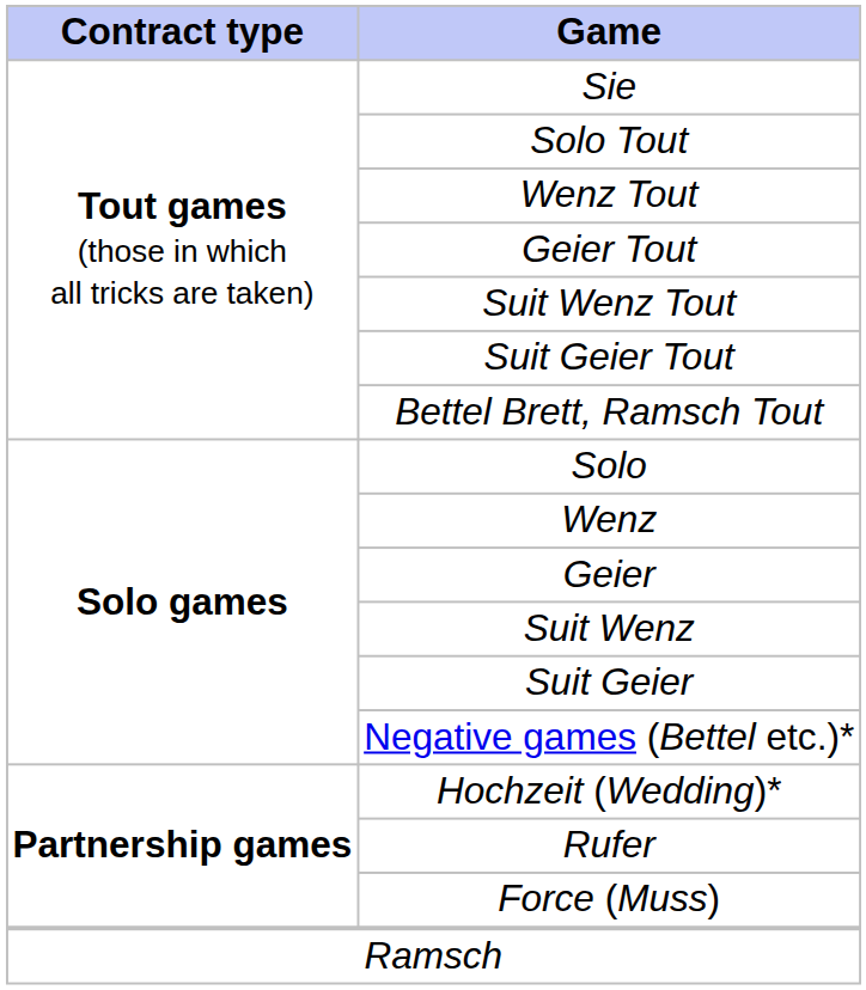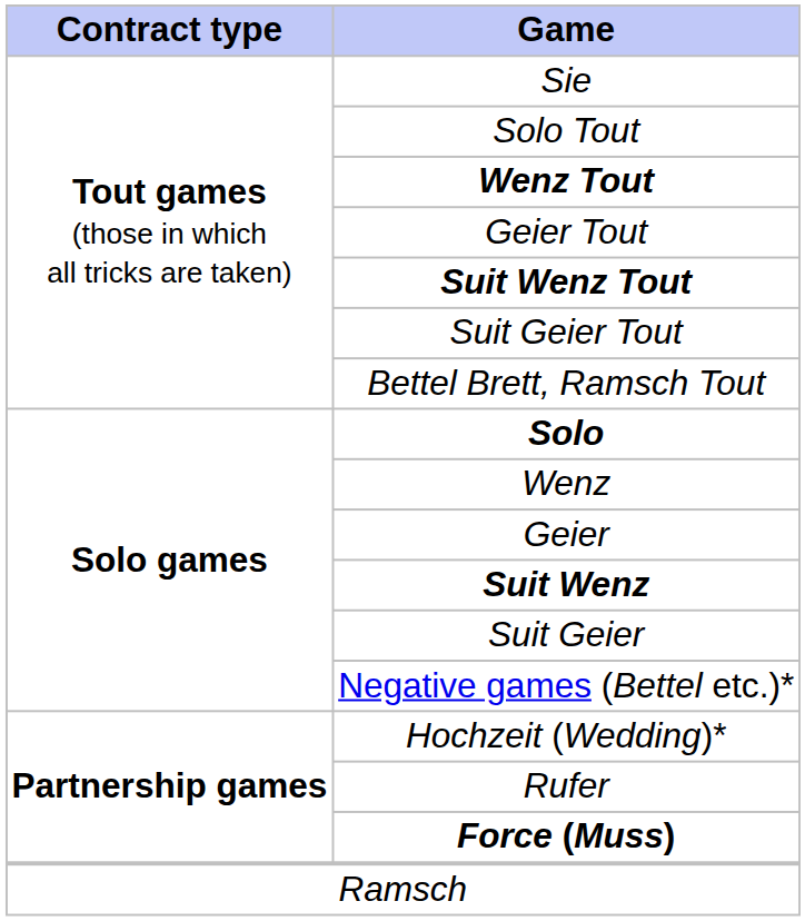 <table cellpadding="2" style="float: right; background: #C0C0C0; margin-left: 1em; border-spacing: 1px;">
 <tr align="center">
 <td style="background: #c0c8f8;"><strong>Contract type</strong></td>
 <td style="background: #c0c8f8;"><strong>Game</strong></td>
 </tr>
 <tr align="center">
 <td rowspan=7 style="background: #ffffff;"><strong>Tout games</strong><br><small>(those in which<br>all tricks are taken)</small></td>
 <td colspan=2 style="background: #ffffff;"><em>Sie</em></td>
 </tr>
 <tr align="center">
 <td style="background: #ffffff;"><em>Solo Tout</em></td>
 </tr>
 <tr align="center">
-<td style="background: #ffffff;"><em>Wenz Tout</em></td>
+<td style="background: #ffffff;"><strong><em>Wenz Tout</em></strong></td>
 </tr>
 <tr align="center">
 <td style="background: #ffffff;"><em>Geier Tout</em></td>
 </tr>
 <tr align="center">
-<td style="background: #ffffff;"><em>Suit Wenz Tout</em></td>
+<td style="background: #ffffff;"><strong><em>Suit Wenz Tout</em></strong></td>
 </tr>
 <tr align="center">
 <td style="background: #ffffff;"><em>Suit Geier Tout</em></td>
 </tr>
 <tr align="center">
 <td style="background: #ffffff;"><em>Bettel Brett, Ramsch Tout</em></td>
 </tr>
 <tr align="center">
 <td rowspan=6 style="background: #ffffff;"><strong>Solo games</strong></td>
-<td style="background: #ffffff;"><em>Solo</em></td>
+<td style="background: #ffffff;"><strong><em>Solo</em></strong></td>
 </tr>
 <tr align="center">
 <td style="background: #ffffff;"><em>Wenz</em></td>
 </tr>
 <tr align="center">
 <td style="background: #ffffff;"><em>Geier</em></td>
 </tr>
 <tr align="center">
-<td style="background: #ffffff;"><em>Suit Wenz</em></td>
+<td style="background: #ffffff;"><strong><em>Suit Wenz</em></strong></td>
 </tr>
 <tr align="center">
 <td style="background: #ffffff;"><em>Suit Geier</em></td>
 </tr>
 <tr align="center">
 <td style="background: #ffffff;"><a href='#'>Negative games</a> (<em>Bettel</em> etc.)*</td>
 </tr>
 <tr align="center">
 <td rowspan=3 style="background: #ffffff;"><strong>Partnership games</strong></td>
 <td style="background: #ffffff;"><em>Hochzeit</em> (<em>Wedding</em>)*</td>
 </tr>
 <tr align="center">
 <td style="background: #ffffff;"><em>Rufer</em></td>
 </tr>
 <tr align="center">
-<td style="background: #ffffff;"><em>Force</em> (<em>Muss</em>)</td>
+<td style="background: #ffffff;"><strong><em>Force</em> (<em>Muss</em>)</strong></td>
 </tr>
 <tr align="center">
 </tr>
 <tr align="center">
 <td colspan=2 style="background: #ffffff;"><em>Ramsch</em></td>
 </tr>
 </table>
